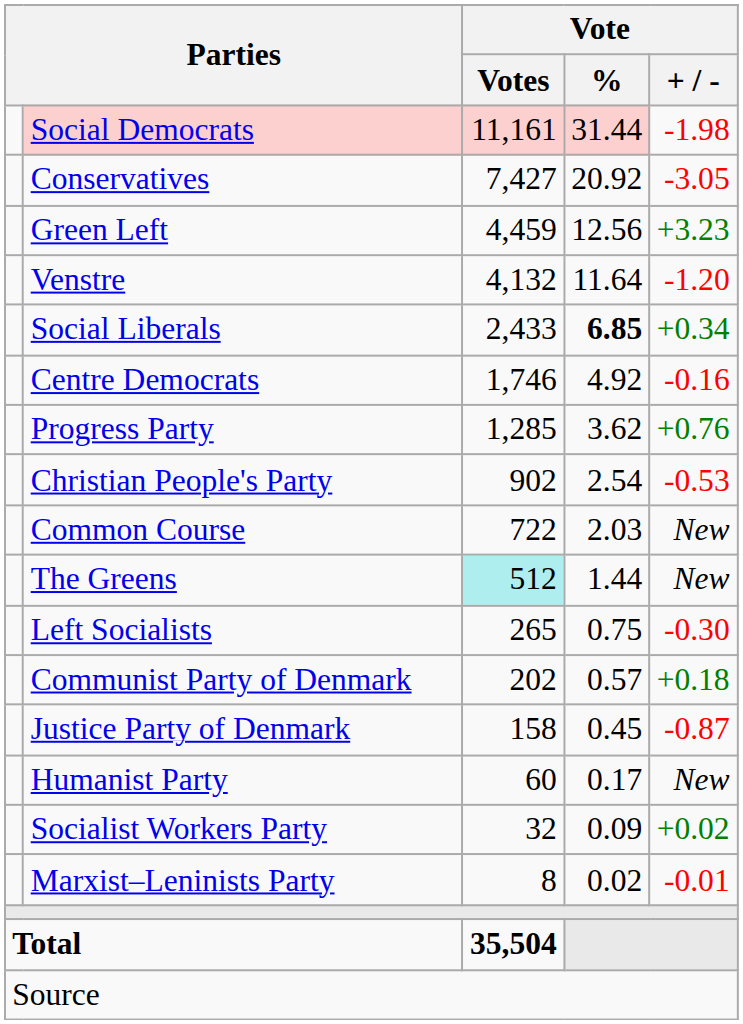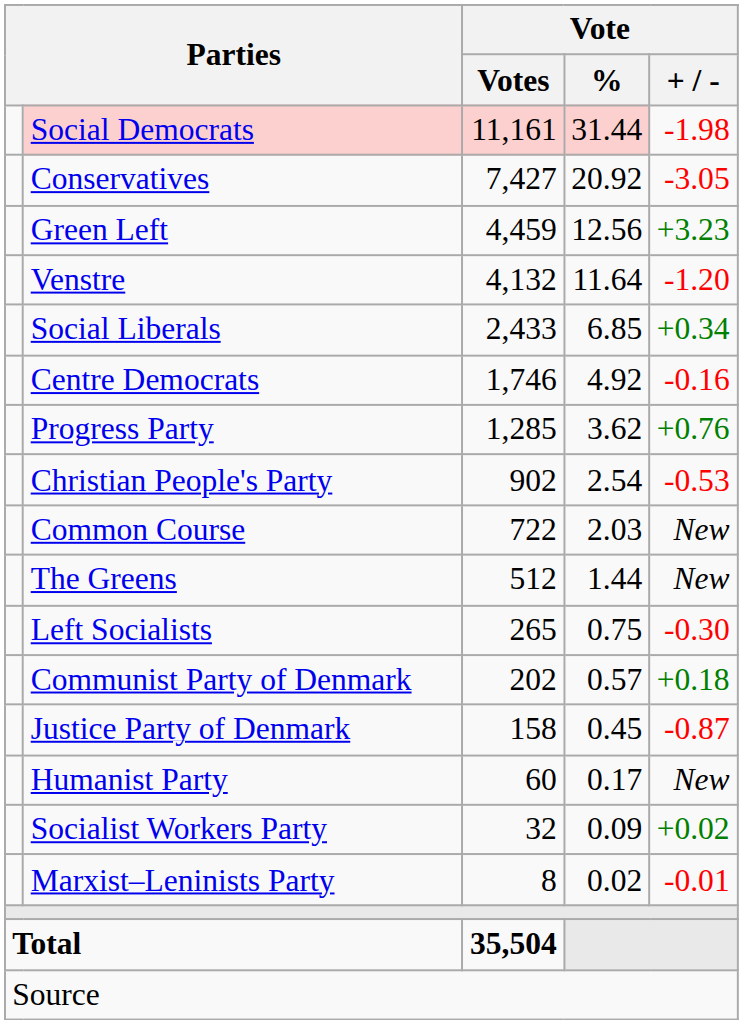 <table class="wikitable" style="text-align:right;">
 <tr>
 <th style="text-align:centre;" rowspan="2" colspan="2" width="225">Parties</th>
 <th colspan="3">Vote</th>
 </tr>
 <tr>
 <th width="15">Votes</th>
 <th width="15">%</th>
 <th width="15">+ / -</th>
 </tr>
 <tr>
 <td width="2" style="color:inherit;background:"></td>
 <td bgcolor=#fbd0ce  align="left"><a href='#'>Social Democrats</a></td>
 <td bgcolor=#fbd0ce>11,161</td>
 <td bgcolor=#fbd0ce>31.44</td>
 <td style=color:red;>-1.98</td>
 </tr>
 <tr>
 <td width="2" style="color:inherit;background:"></td>
 <td align="left"><a href='#'>Conservatives</a></td>
 <td>7,427</td>
 <td>20.92</td>
 <td style=color:red;>-3.05</td>
 </tr>
 <tr>
 <td width="2" style="color:inherit;background:"></td>
 <td align="left"><a href='#'>Green Left</a></td>
 <td>4,459</td>
 <td>12.56</td>
 <td style=color:green;>+3.23</td>
 </tr>
 <tr>
 <td width="2" style="color:inherit;background:"></td>
 <td align="left"><a href='#'>Venstre</a></td>
 <td>4,132</td>
 <td>11.64</td>
 <td style=color:red;>-1.20</td>
 </tr>
 <tr>
 <td width="2" style="color:inherit;background:"></td>
 <td align="left"><a href='#'>Social Liberals</a></td>
 <td>2,433</td>
-<td><strong>6.85</strong></td>
+<td>6.85</td>
 <td style=color:green;>+0.34</td>
 </tr>
 <tr>
 <td width="2" style="color:inherit;background:"></td>
 <td align="left"><a href='#'>Centre Democrats</a></td>
 <td>1,746</td>
 <td>4.92</td>
 <td style=color:red;>-0.16</td>
 </tr>
 <tr>
 <td width="2" style="color:inherit;background:"></td>
 <td align="left"><a href='#'>Progress Party</a></td>
 <td>1,285</td>
 <td>3.62</td>
 <td style=color:green;>+0.76</td>
 </tr>
 <tr>
 <td width="2" style="color:inherit;background:"></td>
 <td align="left"><a href='#'>Christian People's Party</a></td>
 <td>902</td>
 <td>2.54</td>
 <td style=color:red;>-0.53</td>
 </tr>
 <tr>
 <td width="2" style="color:inherit;background:"></td>
 <td align="left"><a href='#'>Common Course</a></td>
 <td>722</td>
 <td>2.03</td>
 <td><em>New</em></td>
 </tr>
 <tr>
 <td width="2" style="color:inherit;background:"></td>
 <td align="left"><a href='#'>The Greens</a></td>
-<td style="background: paleturquoise;">512</td>
+<td>512</td>
 <td>1.44</td>
 <td><em>New</em></td>
 </tr>
 <tr>
 <td width="2" style="color:inherit;background:"></td>
 <td align="left"><a href='#'>Left Socialists</a></td>
 <td>265</td>
 <td>0.75</td>
 <td style=color:red;>-0.30</td>
 </tr>
 <tr>
 <td width="2" style="color:inherit;background:"></td>
 <td align="left"><a href='#'>Communist Party of Denmark</a></td>
 <td>202</td>
 <td>0.57</td>
 <td style=color:green;>+0.18</td>
 </tr>
 <tr>
 <td width="2" style="color:inherit;background:"></td>
 <td align="left"><a href='#'>Justice Party of Denmark</a></td>
 <td>158</td>
 <td>0.45</td>
 <td style=color:red;>-0.87</td>
 </tr>
 <tr>
 <td width="2" style="color:inherit;background:"></td>
 <td align="left"><a href='#'>Humanist Party</a></td>
 <td>60</td>
 <td>0.17</td>
 <td><em>New</em></td>
 </tr>
 <tr>
 <td width="2" style="color:inherit;background:"></td>
 <td align="left"><a href='#'>Socialist Workers Party</a></td>
 <td>32</td>
 <td>0.09</td>
 <td style=color:green;>+0.02</td>
 </tr>
 <tr>
 <td width="2" style="color:inherit;background:"></td>
 <td align="left"><a href='#'>Marxist–Leninists Party</a></td>
 <td>8</td>
 <td>0.02</td>
 <td style=color:red;>-0.01</td>
 </tr>
 <tr>
 <td colspan="7" bgcolor="#E9E9E9"></td>
 </tr>
 <tr>
 <td align="left" colspan="2"><strong>Total</strong></td>
 <td><strong>35,504</strong></td>
 <td bgcolor="#E9E9E9" colspan="2"></td>
 </tr>
 <tr>
 <td align="left" colspan="6">Source</td>
 </tr>
 </table>
